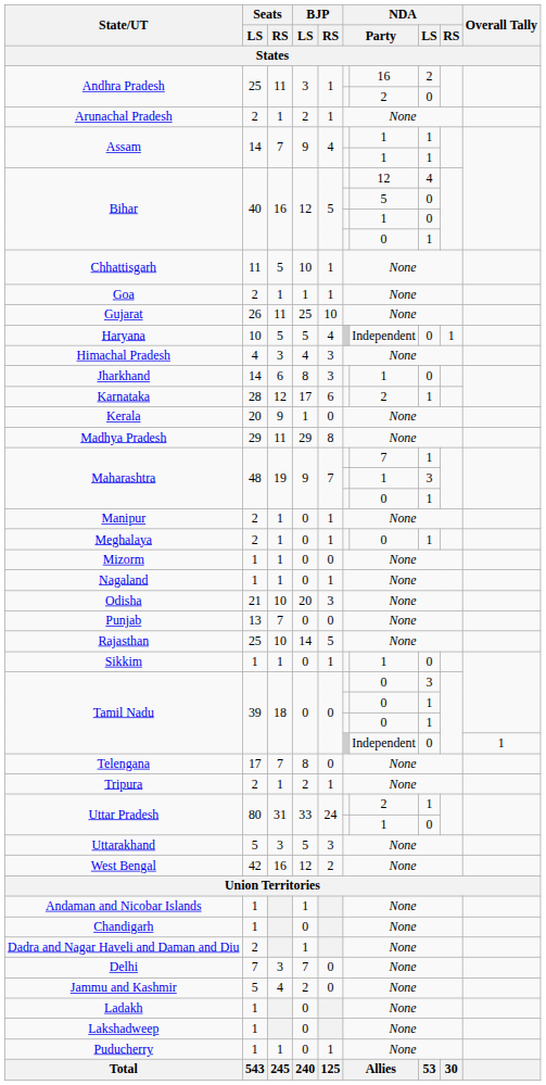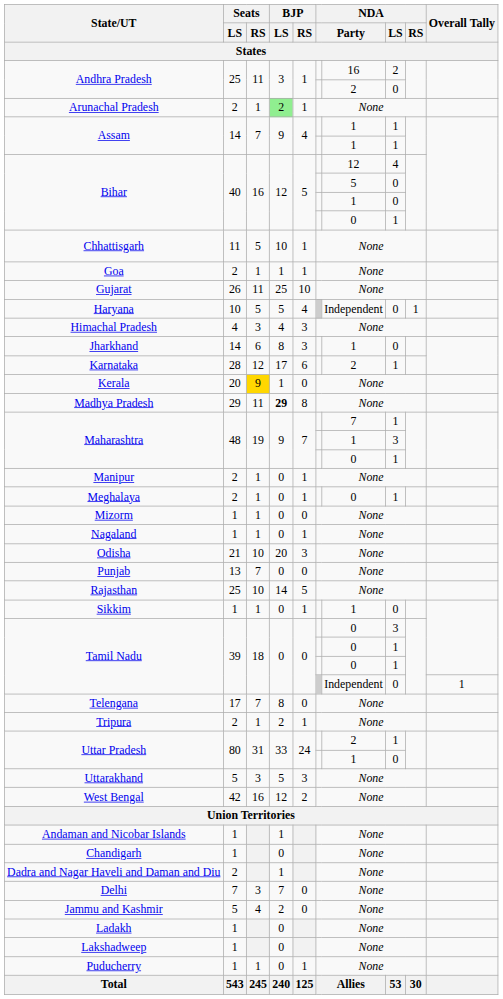 <table class="wikitable sortable" style="text-align:center">
 <tr>
 <th rowspan=2>State/UT</th>
 <th colspan=2>Seats</th>
 <th colspan=2>BJP</th>
 <th Colspan=4>NDA</th>
 <th rowspan=2>Overall Tally</th>
 </tr>
 <tr>
 <th>LS</th>
 <th>RS</th>
 <th>LS</th>
 <th>RS</th>
 <th colspan=2>Party</th>
 <th>LS</th>
 <th>RS</th>
 </tr>
 <tr>
 <th Colspan=10>States</th>
 </tr>
 <tr>
 <td rowspan=2><a href='#'>Andhra Pradesh</a></td>
 <td rowspan=2>25</td>
 <td rowspan=2>11</td>
 <td rowspan=2>3</td>
 <td rowspan=2>1</td>
 <td></td>
 <td>16</td>
 <td>2</td>
 <td rowspan=2> <br></td>
 </tr>
 <tr>
 <td></td>
 <td>2</td>
 <td>0</td>
 </tr>
 <tr>
 <td><a href='#'>Arunachal Pradesh</a></td>
 <td>2</td>
 <td>1</td>
-<td>2</td>
+<td style="background: lightgreen;">2</td>
 <td>1</td>
 <td Colspan="4"><em>None</em></td>
 <td><br></td>
 </tr>
 <tr>
 <td rowspan=2><a href='#'>Assam</a></td>
 <td rowspan=2>14</td>
 <td rowspan=2>7</td>
 <td rowspan=2>9</td>
 <td rowspan=2>4</td>
 <td></td>
 <td>1</td>
 <td>1</td>
 <td rowspan=2> <br> </td>
 </tr>
 <tr>
 <td></td>
 <td>1</td>
 <td>1</td>
 </tr>
 <tr>
 <td rowspan=4><a href='#'>Bihar</a></td>
 <td rowspan=4>40</td>
 <td rowspan=4>16</td>
 <td rowspan=4>12</td>
 <td rowspan=4>5</td>
 <td></td>
 <td>12</td>
 <td>4</td>
 <td rowspan=4> <br> </td>
 </tr>
 <tr>
 <td></td>
 <td>5</td>
 <td>0</td>
 </tr>
 <tr>
 <td></td>
 <td>1</td>
 <td>0</td>
 </tr>
 <tr>
 <td></td>
 <td>0</td>
 <td>1</td>
 </tr>
 <tr>
 <td><a href='#'>Chhattisgarh</a></td>
 <td>11</td>
 <td>5</td>
 <td>10</td>
 <td>1</td>
 <td Colspan="4"><em>None</em></td>
 <td><br><br> </td>
 </tr>
 <tr>
 <td><a href='#'>Goa</a></td>
 <td>2</td>
 <td>1</td>
 <td>1</td>
 <td>1</td>
 <td Colspan="4"><em>None</em></td>
 <td><br> </td>
 </tr>
 <tr>
 <td><a href='#'>Gujarat</a></td>
 <td>26</td>
 <td>11</td>
 <td>25</td>
 <td>10</td>
 <td Colspan="4"><em>None</em></td>
 <td><br> </td>
 </tr>
 <tr>
 <td><a href='#'>Haryana</a></td>
 <td>10</td>
 <td>5</td>
 <td>5</td>
 <td>4</td>
 <td bgcolor=#CDCDCD></td>
 <td>Independent</td>
 <td>0</td>
 <td>1</td>
 <td><br> </td>
 </tr>
 <tr>
 <td><a href='#'>Himachal Pradesh</a></td>
 <td>4</td>
 <td>3</td>
 <td>4</td>
 <td>3</td>
 <td Colspan="4"><em>None</em></td>
 <td><br> </td>
 </tr>
 <tr>
 <td><a href='#'>Jharkhand</a></td>
 <td>14</td>
 <td>6</td>
 <td>8</td>
 <td>3</td>
 <td></td>
 <td>1</td>
 <td>0</td>
 <td><br></td>
 </tr>
 <tr>
 <td><a href='#'>Karnataka</a></td>
 <td>28</td>
 <td>12</td>
 <td>17</td>
 <td>6</td>
 <td></td>
 <td>2</td>
 <td>1</td>
 <td><br></td>
 </tr>
 <tr>
 <td><a href='#'>Kerala</a></td>
 <td>20</td>
-<td>9</td>
+<td style="background: gold;">9</td>
 <td>1</td>
 <td>0</td>
 <td Colspan="4"><em>None</em></td>
 <td><br></td>
 </tr>
 <tr>
 <td><a href='#'>Madhya Pradesh</a></td>
 <td>29</td>
 <td>11</td>
-<td>29</td>
+<td><strong>29</strong></td>
 <td>8</td>
 <td Colspan="4"><em>None</em></td>
 <td><br></td>
 </tr>
 <tr>
 <td rowspan=3><a href='#'>Maharashtra</a></td>
 <td rowspan=3>48</td>
 <td rowspan=3>19</td>
 <td rowspan=3>9</td>
 <td rowspan=3>7</td>
 <td></td>
 <td>7</td>
 <td>1</td>
 <td rowspan=3><br></td>
 </tr>
 <tr>
 <td></td>
 <td>1</td>
 <td>3</td>
 </tr>
 <tr>
 <td></td>
 <td>0</td>
 <td>1</td>
 </tr>
 <tr>
 <td><a href='#'>Manipur</a></td>
 <td>2</td>
 <td>1</td>
 <td>0</td>
 <td>1</td>
 <td Colspan="4"><em>None</em></td>
 <td><br></td>
 </tr>
 <tr>
 <td><a href='#'>Meghalaya</a></td>
 <td>2</td>
 <td>1</td>
 <td>0</td>
 <td>1</td>
 <td></td>
 <td>0</td>
 <td>1</td>
 <td><br></td>
 </tr>
 <tr>
 <td><a href='#'>Mizorm</a></td>
 <td>1</td>
 <td>1</td>
 <td>0</td>
 <td>0</td>
 <td Colspan="4"><em>None</em></td>
 <td><br></td>
 </tr>
 <tr>
 <td><a href='#'>Nagaland</a></td>
 <td>1</td>
 <td>1</td>
 <td>0</td>
 <td>1</td>
 <td Colspan="4"><em>None</em></td>
 <td><br></td>
 </tr>
 <tr>
 <td><a href='#'>Odisha</a></td>
 <td>21</td>
 <td>10</td>
 <td>20</td>
 <td>3</td>
 <td Colspan="4"><em>None</em></td>
 <td><br></td>
 </tr>
 <tr>
 <td><a href='#'>Punjab</a></td>
 <td>13</td>
 <td>7</td>
 <td>0</td>
 <td>0</td>
 <td Colspan="4"><em>None</em></td>
 <td><br></td>
 </tr>
 <tr>
 <td><a href='#'>Rajasthan</a></td>
 <td>25</td>
 <td>10</td>
 <td>14</td>
 <td>5</td>
 <td Colspan="4"><em>None</em></td>
 <td><br></td>
 </tr>
 <tr>
 <td><a href='#'>Sikkim</a></td>
 <td>1</td>
 <td>1</td>
 <td>0</td>
 <td>1</td>
 <td></td>
 <td>1</td>
 <td>0</td>
 <td><br></td>
 </tr>
 <tr>
 <td Rowspan=4><a href='#'>Tamil Nadu</a></td>
 <td Rowspan=4>39</td>
 <td Rowspan=4>18</td>
 <td Rowspan=4>0</td>
 <td Rowspan=4>0</td>
 <td></td>
 <td>0</td>
 <td>3</td>
 <td Rowspan=4><br></td>
 </tr>
 <tr>
 <td></td>
 <td>0</td>
 <td>1</td>
 </tr>
 <tr>
 <td></td>
 <td>0</td>
 <td>1</td>
 </tr>
 <tr>
 <td bgcolor=#CDCDCD></td>
 <td>Independent</td>
 <td>0</td>
 <td>1</td>
 </tr>
 <tr>
 <td><a href='#'>Telengana</a></td>
 <td>17</td>
 <td>7</td>
 <td>8</td>
 <td>0</td>
 <td Colspan="4"><em>None</em></td>
 <td><br></td>
 </tr>
 <tr>
 <td><a href='#'>Tripura</a></td>
 <td>2</td>
 <td>1</td>
 <td>2</td>
 <td>1</td>
 <td Colspan="4"><em>None</em></td>
 <td><br></td>
 </tr>
 <tr>
 <td rowspan=2><a href='#'>Uttar Pradesh</a></td>
 <td rowspan=2>80</td>
 <td rowspan=2>31</td>
 <td rowspan=2>33</td>
 <td rowspan=2>24</td>
 <td></td>
 <td>2</td>
 <td>1</td>
 <td rowspan=2><br></td>
 </tr>
 <tr>
 <td></td>
 <td>1</td>
 <td>0</td>
 </tr>
 <tr>
 <td><a href='#'>Uttarakhand</a></td>
 <td>5</td>
 <td>3</td>
 <td>5</td>
 <td>3</td>
 <td Colspan="4"><em>None</em></td>
 <td><br></td>
 </tr>
 <tr>
 <td><a href='#'>West Bengal</a></td>
 <td>42</td>
 <td>16</td>
 <td>12</td>
 <td>2</td>
 <td Colspan="4"><em>None</em></td>
 <td><br></td>
 </tr>
 <tr>
 <th Colspan=10>Union Territories</th>
 </tr>
 <tr>
 <td><a href='#'>Andaman and Nicobar Islands</a></td>
 <td>1</td>
 <th></th>
 <td>1</td>
 <th></th>
 <td Colspan="4"><em>None</em></td>
 <td></td>
 </tr>
 <tr>
 <td><a href='#'>Chandigarh</a></td>
 <td>1</td>
 <th></th>
 <td>0</td>
 <th></th>
 <td Colspan="4"><em>None</em></td>
 <td></td>
 </tr>
 <tr>
 <td><a href='#'>Dadra and Nagar Haveli and Daman and Diu</a></td>
 <td>2</td>
 <th></th>
 <td>1</td>
 <th></th>
 <td Colspan="4"><em>None</em></td>
 <td></td>
 </tr>
 <tr>
 <td><a href='#'>Delhi</a></td>
 <td>7</td>
 <td>3</td>
 <td>7</td>
 <td>0</td>
 <td Colspan="4"><em>None</em></td>
 <td><br> </td>
 </tr>
 <tr>
 <td><a href='#'>Jammu and Kashmir</a></td>
 <td>5</td>
 <td>4</td>
 <td>2</td>
 <td>0</td>
 <td Colspan="4"><em>None</em></td>
 <td><br> </td>
 </tr>
 <tr>
 <td><a href='#'>Ladakh</a></td>
 <td>1</td>
 <th></th>
 <td>0</td>
 <th></th>
 <td Colspan="4"><em>None</em></td>
 <td></td>
 </tr>
 <tr>
 <td><a href='#'>Lakshadweep</a></td>
 <td>1</td>
 <th></th>
 <td>0</td>
 <th></th>
 <td Colspan="4"><em>None</em></td>
 <td></td>
 </tr>
 <tr>
 <td><a href='#'>Puducherry</a></td>
 <td>1</td>
 <td>1</td>
 <td>0</td>
 <td>1</td>
 <td Colspan="4"><em>None</em></td>
 <td><br></td>
 </tr>
 <tr>
 <th>Total</th>
 <th>543</th>
 <th>245</th>
 <th>240</th>
 <th>125</th>
 <th Colspan=2>Allies</th>
 <th>53</th>
 <th>30</th>
 <th><br> </th>
 </tr>
 </table>
